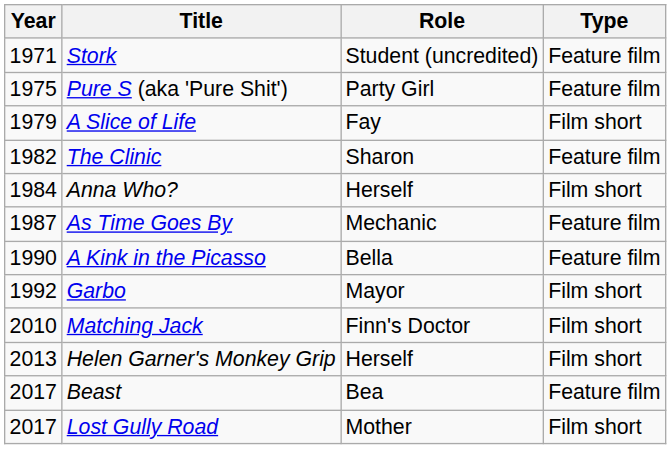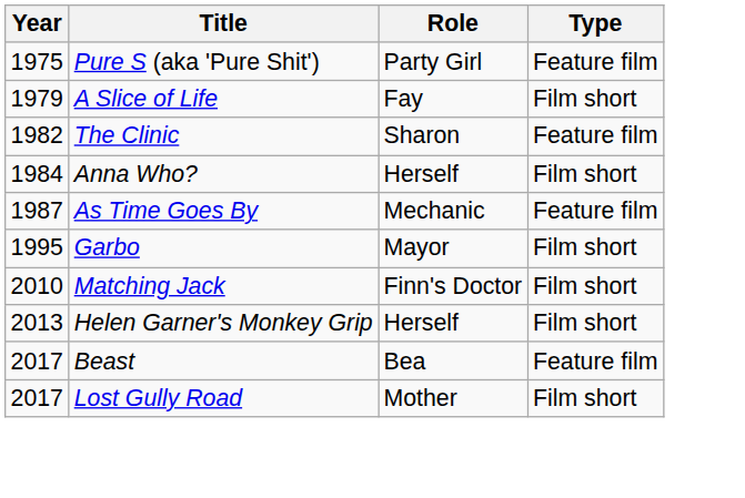 <table class="wikitable">
 <tr>
 <th>Year</th>
 <th>Title</th>
 <th>Role</th>
 <th>Type</th>
-</tr>
-<tr>
-<td>1971</td>
-<td><em><a href='#'>Stork</a></em></td>
-<td>Student (uncredited)</td>
-<td>Feature film</td>
 </tr>
 <tr>
 <td>1975</td>
 <td><em><a href='#'>Pure S</a></em> (aka 'Pure Shit')</td>
 <td>Party Girl</td>
 <td>Feature film</td>
 </tr>
 <tr>
 <td>1979</td>
 <td><em><a href='#'>A Slice of Life</a></em></td>
 <td>Fay</td>
 <td>Film short</td>
 </tr>
 <tr>
 <td>1982</td>
 <td><em><a href='#'>The Clinic</a></em></td>
 <td>Sharon</td>
 <td>Feature film</td>
 </tr>
 <tr>
 <td>1984</td>
 <td><em>Anna Who?</em></td>
 <td>Herself</td>
 <td>Film short</td>
 </tr>
 <tr>
 <td>1987</td>
 <td><em><a href='#'>As Time Goes By</a></em></td>
 <td>Mechanic</td>
 <td>Feature film</td>
 </tr>
 <tr>
-<td>1990</td>
-<td><em><a href='#'>A Kink in the Picasso</a></em></td>
-<td>Bella</td>
-<td>Feature film</td>
-</tr>
-<tr>
-<td>1992</td>
+<td>1995</td>
 <td><em><a href='#'>Garbo</a></em></td>
 <td>Mayor</td>
 <td>Film short</td>
 </tr>
 <tr>
 <td>2010</td>
 <td><em><a href='#'>Matching Jack</a></em></td>
 <td>Finn's Doctor</td>
 <td>Film short</td>
 </tr>
 <tr>
 <td>2013</td>
 <td><em>Helen Garner's Monkey Grip</em></td>
 <td>Herself</td>
 <td>Film short</td>
 </tr>
 <tr>
 <td>2017</td>
 <td><em>Beast</em></td>
 <td>Bea</td>
 <td>Feature film</td>
 </tr>
 <tr>
 <td>2017</td>
 <td><em><a href='#'>Lost Gully Road</a></em></td>
 <td>Mother</td>
 <td>Film short</td>
 </tr>
 </table>
